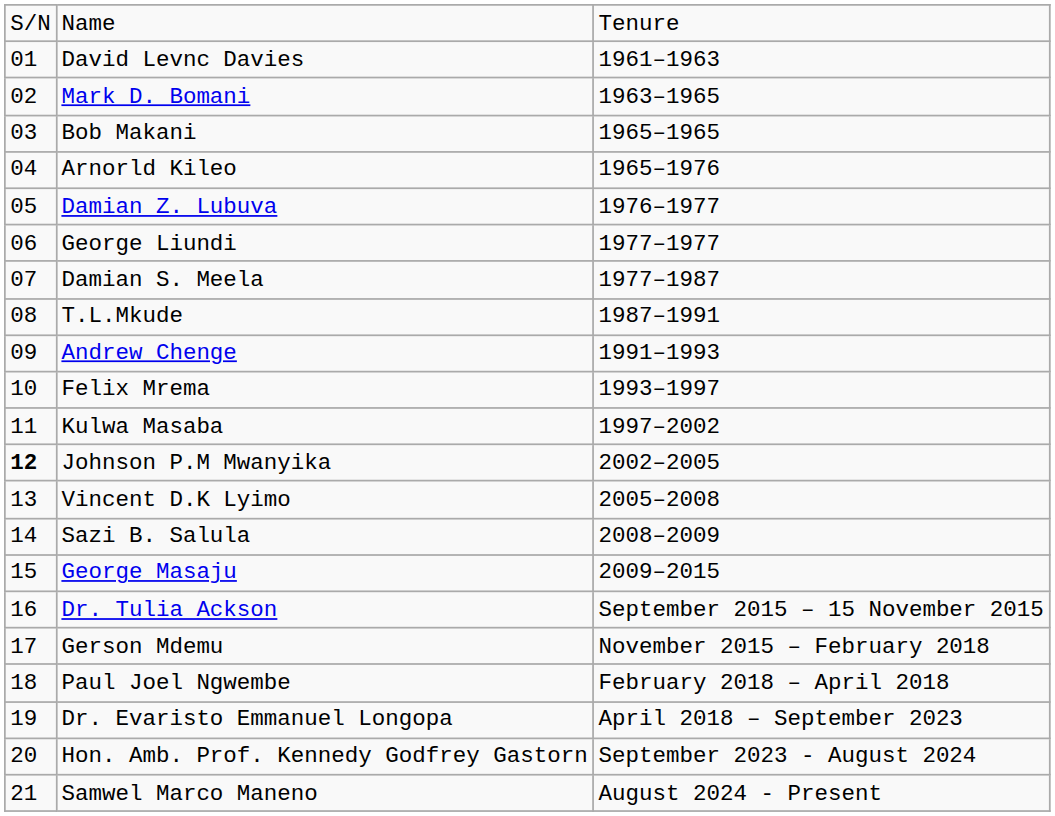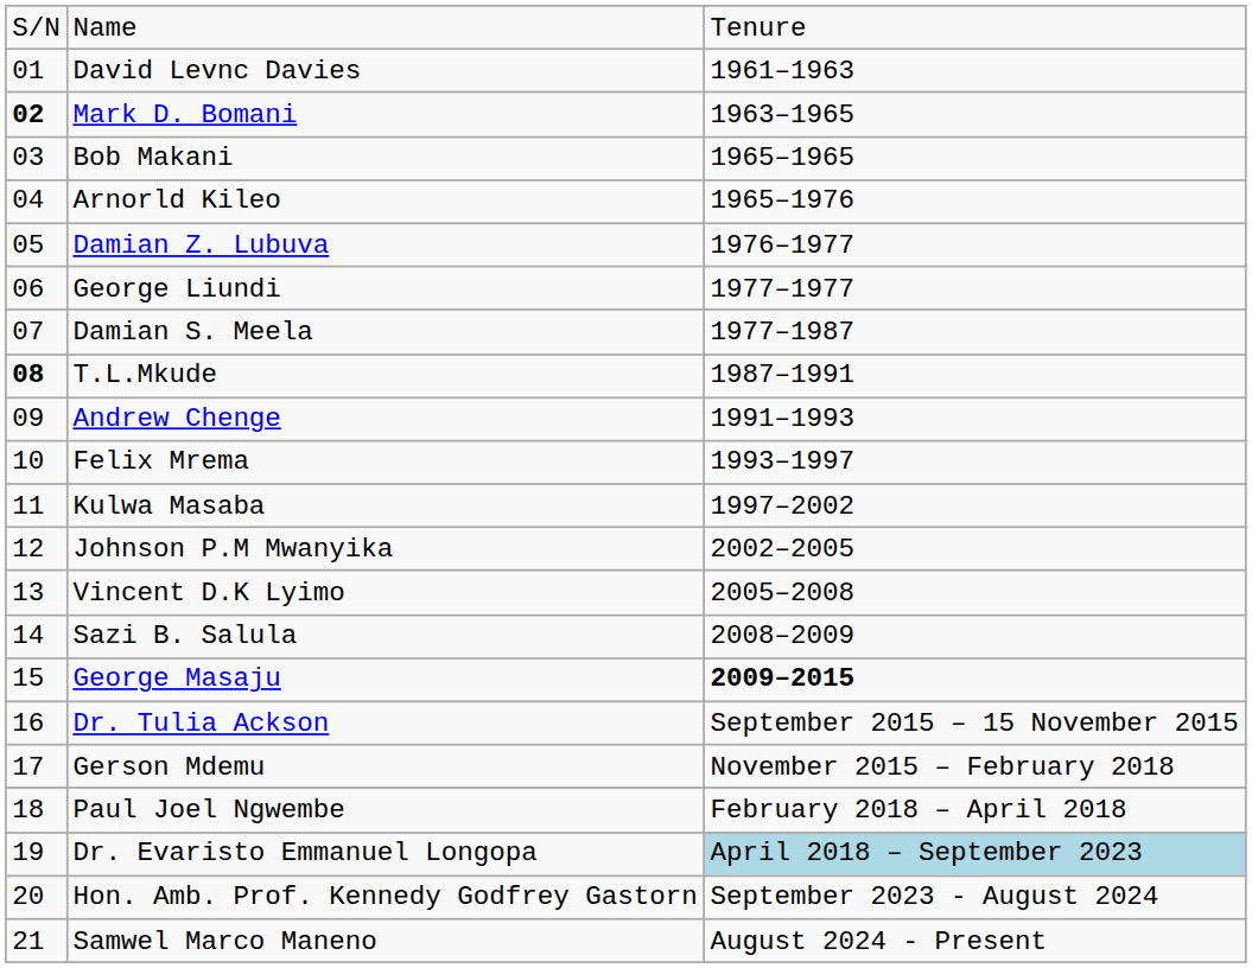 <table class="wikitable">
 <tr>
 <td>S/N</td>
 <td>Name</td>
 <td>Tenure</td>
 </tr>
 <tr>
 <td>01</td>
 <td>David Levnc Davies</td>
 <td>1961–1963</td>
 </tr>
 <tr>
-<td>02</td>
+<td><strong>02</strong></td>
 <td><a href='#'>Mark D. Bomani</a></td>
 <td>1963–1965</td>
 </tr>
 <tr>
 <td>03</td>
 <td>Bob Makani</td>
 <td>1965–1965</td>
 </tr>
 <tr>
 <td>04</td>
 <td>Arnorld Kileo</td>
 <td>1965–1976</td>
 </tr>
 <tr>
 <td>05</td>
 <td><a href='#'>Damian Z. Lubuva</a></td>
 <td>1976–1977</td>
 </tr>
 <tr>
 <td>06</td>
 <td>George Liundi</td>
 <td>1977–1977</td>
 </tr>
 <tr>
 <td>07</td>
 <td>Damian S. Meela</td>
 <td>1977–1987</td>
 </tr>
 <tr>
-<td>08</td>
+<td><strong>08</strong></td>
 <td>T.L.Mkude</td>
 <td>1987–1991</td>
 </tr>
 <tr>
 <td>09</td>
 <td><a href='#'>Andrew Chenge</a></td>
 <td>1991–1993</td>
 </tr>
 <tr>
 <td>10</td>
 <td>Felix Mrema</td>
 <td>1993–1997</td>
 </tr>
 <tr>
 <td>11</td>
 <td>Kulwa Masaba</td>
 <td>1997–2002</td>
 </tr>
 <tr>
-<td><strong>12</strong></td>
+<td>12</td>
 <td>Johnson P.M Mwanyika</td>
 <td>2002–2005</td>
 </tr>
 <tr>
 <td>13</td>
 <td>Vincent D.K Lyimo</td>
 <td>2005–2008</td>
 </tr>
 <tr>
 <td>14</td>
 <td>Sazi B. Salula</td>
 <td>2008–2009</td>
 </tr>
 <tr>
 <td>15</td>
 <td><a href='#'>George Masaju</a></td>
-<td>2009–2015</td>
+<td><strong>2009–2015</strong></td>
 </tr>
 <tr>
 <td>16</td>
 <td><a href='#'>Dr. Tulia Ackson</a></td>
 <td>September 2015 – 15 November 2015</td>
 </tr>
 <tr>
 <td>17</td>
 <td>Gerson Mdemu</td>
 <td>November 2015 – February 2018</td>
 </tr>
 <tr>
 <td>18</td>
 <td>Paul Joel Ngwembe</td>
 <td>February 2018 – April 2018</td>
 </tr>
 <tr>
 <td>19</td>
 <td>Dr. Evaristo Emmanuel Longopa</td>
-<td>April 2018 – September 2023</td>
+<td style="background: lightblue;">April 2018 – September 2023</td>
 </tr>
 <tr>
 <td>20</td>
 <td>Hon. Amb. Prof. Kennedy Godfrey Gastorn</td>
 <td>September 2023 - August 2024</td>
 </tr>
 <tr>
 <td>21</td>
 <td>Samwel Marco Maneno</td>
 <td>August 2024 - Present</td>
 </tr>
 </table>
